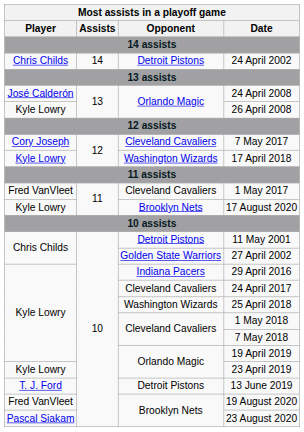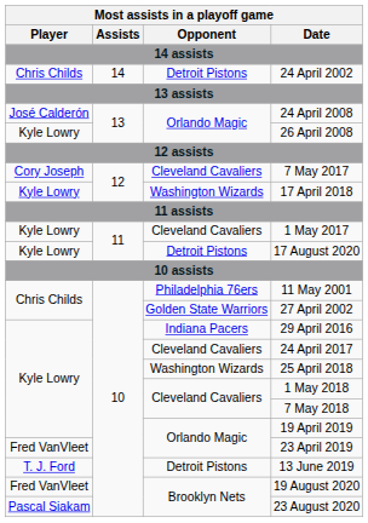 <table class="wikitable" style="text-align:center">
 <tr>
 <th colspan="4">Most assists in a playoff game</th>
 </tr>
 <tr>
 <th>Player</th>
 <th>Assists</th>
 <th>Opponent</th>
 <th>Date</th>
 </tr>
 <tr>
 <th colspan="4" style="text-align:center; background:#A1A1A4; color:#061922;">14 assists</th>
 </tr>
 <tr>
 <td><a href='#'>Chris Childs</a></td>
 <td>14</td>
 <td><a href='#'>Detroit Pistons</a></td>
 <td>24 April 2002</td>
 </tr>
 <tr>
 <th colspan="4" style="text-align:center; background:#A1A1A4; color:#061922;">13 assists</th>
 </tr>
 <tr>
 <td><a href='#'>José Calderón</a></td>
 <td rowspan=2>13</td>
 <td rowspan=2><a href='#'>Orlando Magic</a></td>
 <td>24 April 2008</td>
 </tr>
 <tr>
 <td>Kyle Lowry</td>
 <td>26 April 2008</td>
 </tr>
 <tr>
 <th colspan="4" style="text-align:center; background:#A1A1A4; color:#061922;">12 assists</th>
 </tr>
 <tr>
 <td><a href='#'>Cory Joseph</a></td>
 <td rowspan=2>12</td>
 <td><a href='#'>Cleveland Cavaliers</a></td>
 <td>7 May 2017</td>
 </tr>
 <tr>
 <td><a href='#'>Kyle Lowry</a></td>
 <td><a href='#'>Washington Wizards</a></td>
 <td>17 April 2018</td>
 </tr>
 <tr>
 <th colspan="4" style="text-align:center; background:#A1A1A4; color:#061922;">11 assists</th>
 </tr>
 <tr>
-<td>Fred VanVleet</td>
+<td>Kyle Lowry</td>
 <td rowspan=2>11</td>
 <td>Cleveland Cavaliers</td>
 <td>1 May 2017</td>
 </tr>
 <tr>
 <td>Kyle Lowry</td>
-<td><a href='#'>Brooklyn Nets</a></td>
+<td><a href='#'>Detroit Pistons</a></td>
 <td>17 August 2020</td>
 </tr>
 <tr>
 <th colspan="4" style="text-align:center; background:#A1A1A4; color:#061922;">10 assists</th>
 </tr>
 <tr>
 <td rowspan=2>Chris Childs</td>
 <td rowspan=12>10</td>
-<td><a href='#'>Detroit Pistons</a></td>
+<td><a href='#'>Philadelphia 76ers</a></td>
 <td>11 May 2001</td>
 </tr>
 <tr>
 <td><a href='#'>Golden State Warriors</a></td>
 <td>27 April 2002</td>
 </tr>
 <tr>
 <td rowspan=6>Kyle Lowry</td>
 <td><a href='#'>Indiana Pacers</a></td>
 <td>29 April 2016</td>
 </tr>
 <tr>
 <td>Cleveland Cavaliers</td>
 <td>24 April 2017</td>
 </tr>
 <tr>
 <td>Washington Wizards</td>
 <td>25 April 2018</td>
 </tr>
 <tr>
 <td rowspan=2>Cleveland Cavaliers</td>
 <td>1 May 2018</td>
 </tr>
 <tr>
 <td>7 May 2018</td>
 </tr>
 <tr>
 <td rowspan=2>Orlando Magic</td>
 <td>19 April 2019</td>
 </tr>
 <tr>
-<td>Kyle Lowry</td>
+<td>Fred VanVleet</td>
 <td>23 April 2019</td>
 </tr>
 <tr>
 <td><a href='#'>T. J. Ford</a></td>
 <td>Detroit Pistons</td>
 <td>13 June 2019</td>
 </tr>
 <tr>
 <td>Fred VanVleet</td>
 <td rowspan=2>Brooklyn Nets</td>
 <td>19 August 2020</td>
 </tr>
 <tr>
 <td><a href='#'>Pascal Siakam</a></td>
 <td>23 August 2020</td>
 </tr>
 </table>
